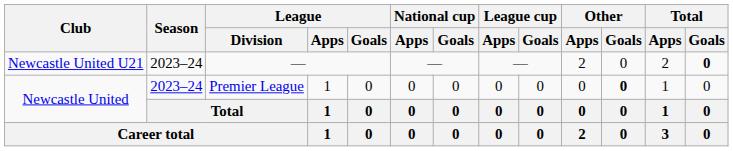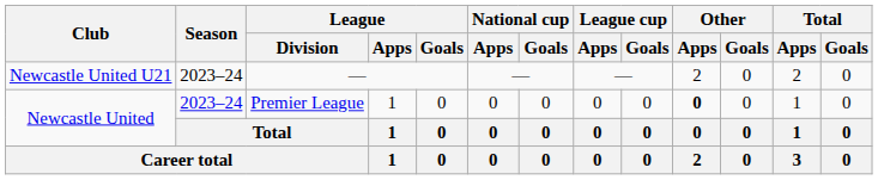 <table class=wikitable style=text-align:center>
 <tr>
 <th rowspan=2>Club</th>
 <th rowspan=2>Season</th>
 <th colspan=3>League</th>
 <th colspan=2>National cup</th>
 <th colspan=2>League cup</th>
 <th colspan=2>Other</th>
 <th colspan=2>Total</th>
 </tr>
 <tr>
 <th>Division</th>
 <th>Apps</th>
 <th>Goals</th>
 <th>Apps</th>
 <th>Goals</th>
 <th>Apps</th>
 <th>Goals</th>
 <th>Apps</th>
 <th>Goals</th>
 <th>Apps</th>
 <th>Goals</th>
 </tr>
 <tr>
 <td><a href='#'>Newcastle United U21</a></td>
 <td>2023–24</td>
 <td colspan=3>—</td>
 <td colspan=2>—</td>
 <td colspan=2>—</td>
 <td>2</td>
 <td>0</td>
 <td>2</td>
-<td><strong>0</strong></td>
+<td>0</td>
 </tr>
 <tr>
 <td rowspan=2><a href='#'>Newcastle United</a></td>
 <td><a href='#'>2023–24</a></td>
 <td><a href='#'>Premier League</a></td>
 <td>1</td>
 <td>0</td>
 <td>0</td>
 <td>0</td>
 <td>0</td>
 <td>0</td>
+<td><strong>0</strong></td>
 <td>0</td>
-<td><strong>0</strong></td>
 <td>1</td>
 <td>0</td>
 </tr>
 <tr>
 <th colspan=2>Total</th>
 <th>1</th>
 <th>0</th>
 <th>0</th>
 <th>0</th>
 <th>0</th>
 <th>0</th>
 <th>0</th>
 <th>0</th>
 <th>1</th>
 <th>0</th>
 </tr>
 <tr>
 <th colspan=3>Career total</th>
 <th>1</th>
 <th>0</th>
 <th>0</th>
 <th>0</th>
 <th>0</th>
 <th>0</th>
 <th>2</th>
 <th>0</th>
 <th>3</th>
 <th>0</th>
 </tr>
 </table>
